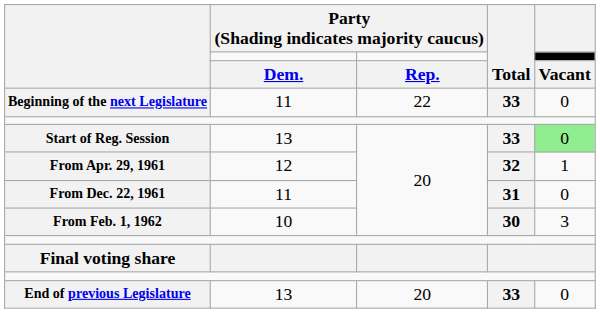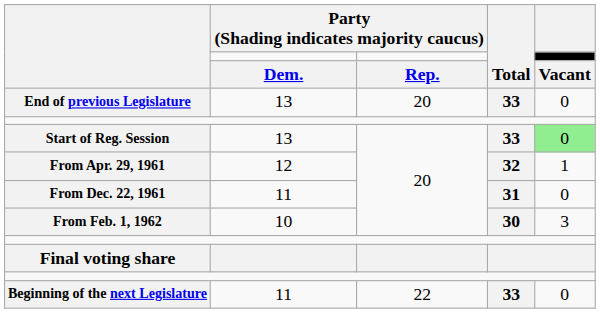 <table class=wikitable style="text-align:center">
 <tr style="vertical-align:bottom;">
 <th rowspan=3></th>
 <th colspan=2>Party <div>(Shading indicates majority caucus)</div></th>
 <th rowspan=3>Total</th>
 <th></th>
 </tr>
 <tr style="height:5px">
 <td style="background-color:"></td>
 <td style="background-color:"></td>
 <td style="background:black;"></td>
 </tr>
 <tr>
 <th><a href='#'>Dem.</a></th>
 <th><a href='#'>Rep.</a></th>
 <th>Vacant</th>
 </tr>
 <tr>
-<th style="font-size:80%;">Beginning of the <a href='#'>next Legislature</a></th>
-<td>11</td>
-<td>22</td>
+<th style="font-size:80%;">End of <a href='#'>previous Legislature</a></th>
+<td>13</td>
+<td>20</td>
 <th>33</th>
 <td>0</td>
 </tr>
 <tr>
 <td colspan=5></td>
 </tr>
 <tr>
 <th style="font-size:80%;">Start of Reg. Session</th>
 <td>13</td>
 <td rowspan="4" >20</td>
 <th>33</th>
 <td style="background: lightgreen;">0</td>
 </tr>
 <tr>
 <th style="font-size:80%;">From Apr. 29, 1961</th>
 <td>12</td>
 <th>32</th>
 <td>1</td>
 </tr>
 <tr>
 <th style="font-size:80%;">From Dec. 22, 1961</th>
 <td>11</td>
 <th>31</th>
 <td>0</td>
 </tr>
 <tr>
 <th style="font-size:80%;">From Feb. 1, 1962</th>
 <td>10</td>
 <th>30</th>
 <td>3</td>
 </tr>
 <tr>
 <td colspan=5></td>
 </tr>
 <tr>
 <th>Final voting share</th>
 <th></th>
 <th></th>
 <th colspan=2></th>
 </tr>
 <tr>
 <td colspan=5></td>
 </tr>
 <tr>
-<th style="font-size:80%;">End of <a href='#'>previous Legislature</a></th>
-<td>13</td>
-<td>20</td>
+<th style="font-size:80%;">Beginning of the <a href='#'>next Legislature</a></th>
+<td>11</td>
+<td>22</td>
 <th>33</th>
 <td>0</td>
 </tr>
 </table>
